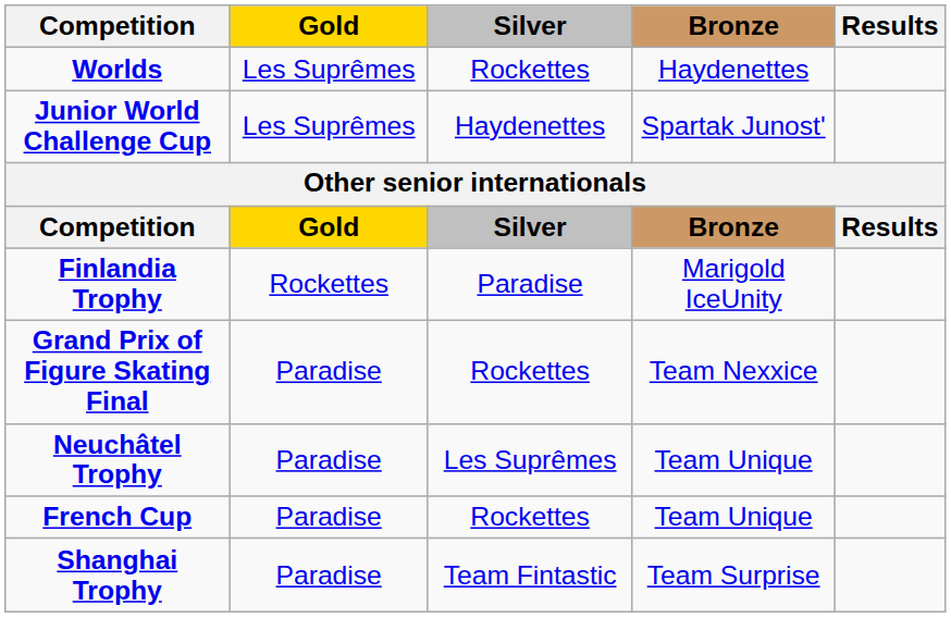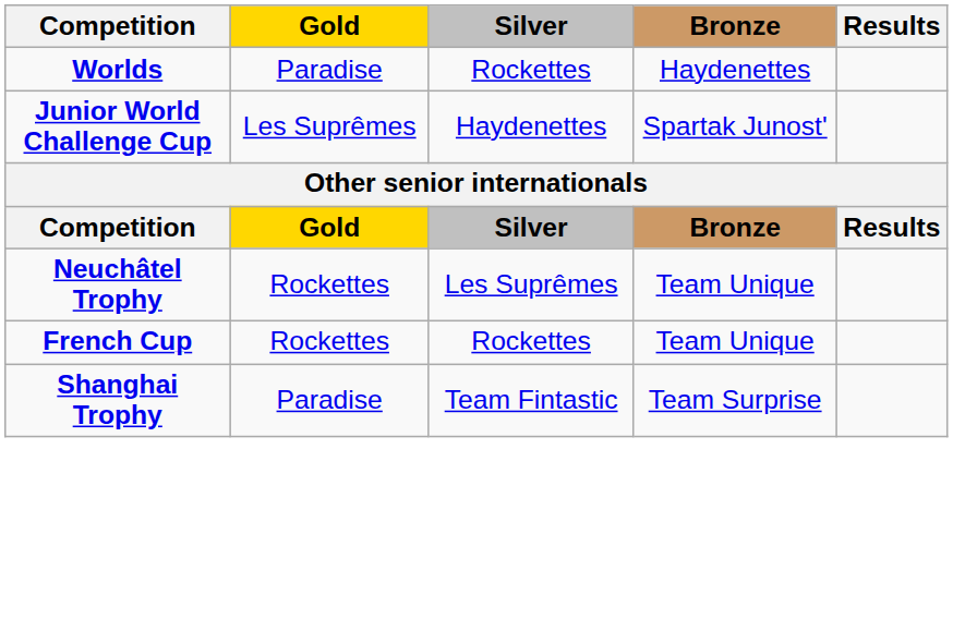 <table class="wikitable" style="text-align:center; width:90%;">
 <tr>
 <th scope="col" style="text-align:center; width:25%;">Competition</th>
 <td scope="col" style="text-align:center; width:22.5%; background:gold"><strong>Gold</strong></td>
 <td scope="col" style="text-align:center; width:22.5%; background:silver"><strong>Silver</strong></td>
 <td scope="col" style="text-align:center; width:22.5%; background:#c96"><strong>Bronze</strong></td>
 <th scope="col" style="text-align:center; width:7.5%;">Results</th>
 </tr>
 <tr>
 <td align="center"><strong><a href='#'>Worlds</a></strong></td>
-<td> <a href='#'>Les Suprêmes</a></td>
+<td> <a href='#'>Paradise</a></td>
 <td> <a href='#'>Rockettes</a></td>
 <td> <a href='#'>Haydenettes</a></td>
 <td align="center"></td>
 </tr>
 <tr>
 <td align="center"><strong><a href='#'>Junior World Challenge Cup</a></strong></td>
 <td> <a href='#'>Les Suprêmes</a></td>
 <td> <a href='#'>Haydenettes</a></td>
 <td> <a href='#'>Spartak Junost'</a></td>
 <td align="center"></td>
 </tr>
 <tr>
 <th colspan=5>Other senior internationals</th>
 </tr>
 <tr>
 <th scope="col" style="text-align:center; width:25%;">Competition</th>
 <td scope="col" style="text-align:center; width:22.5%; background:gold"><strong>Gold</strong></td>
 <td scope="col" style="text-align:center; width:22.5%; background:silver"><strong>Silver</strong></td>
 <td scope="col" style="text-align:center; width:22.5%; background:#c96"><strong>Bronze</strong></td>
 <th scope="col" style="text-align:center; width:7.5%;">Results</th>
 </tr>
 <tr>
-<td align="center"><strong><a href='#'>Finlandia Trophy</a></strong></td>
+<td align="center"><strong><a href='#'>Neuchâtel Trophy</a></strong></td>
 <td> <a href='#'>Rockettes</a></td>
-<td> <a href='#'>Paradise</a></td>
-<td> <a href='#'>Marigold IceUnity</a></td>
-<td align="center"></td>
-</tr>
-<tr>
-<td align="center"><strong><a href='#'>Grand Prix of Figure Skating Final</a></strong></td>
-<td> <a href='#'>Paradise</a></td>
-<td> <a href='#'>Rockettes</a></td>
-<td> <a href='#'>Team Nexxice</a></td>
-<td align="center"></td>
-</tr>
-<tr>
-<td align="center"><strong><a href='#'>Neuchâtel Trophy</a></strong></td>
-<td> <a href='#'>Paradise</a></td>
 <td> <a href='#'>Les Suprêmes</a></td>
 <td> <a href='#'>Team Unique</a></td>
 <td align="center"></td>
 </tr>
 <tr>
 <td align="center"><strong><a href='#'>French Cup</a></strong></td>
-<td> <a href='#'>Paradise</a></td>
+<td> <a href='#'>Rockettes</a></td>
 <td> <a href='#'>Rockettes</a></td>
 <td> <a href='#'>Team Unique</a></td>
 <td align="center"></td>
 </tr>
 <tr>
 <td align="center"><strong><a href='#'>Shanghai Trophy</a></strong></td>
 <td> <a href='#'>Paradise</a></td>
 <td> <a href='#'>Team Fintastic</a></td>
 <td> <a href='#'>Team Surprise</a></td>
 <td align="center"></td>
 </tr>
 </table>
